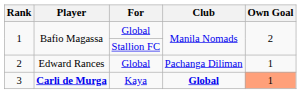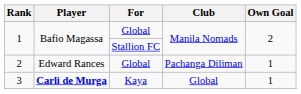 <table class="wikitable" style="text-align:center; float:left; margin-right:1em">
 <tr>
 <th>Rank</th>
 <th>Player</th>
 <th>For</th>
 <th>Club</th>
 <th>Own Goal</th>
 </tr>
 <tr>
 <td rowspan="2">1</td>
 <td rowspan="2"> Bafio Magassa</td>
 <td><a href='#'>Global</a></td>
 <td rowspan="2"><a href='#'>Manila Nomads</a></td>
 <td rowspan="2">2</td>
 </tr>
 <tr>
 <td><a href='#'>Stallion FC</a></td>
 </tr>
 <tr>
 <td>2</td>
 <td> Edward Rances</td>
 <td><a href='#'>Global</a></td>
 <td><a href='#'>Pachanga Diliman</a></td>
 <td>1</td>
 </tr>
 <tr>
 <td>3</td>
 <td><strong> <a href='#'>Carli de Murga</a></strong></td>
 <td><a href='#'>Kaya</a></td>
-<td><strong><a href='#'>Global</a></strong></td>
-<td style="background: lightsalmon;">1</td>
+<td><a href='#'>Global</a></td>
+<td>1</td>
 </tr>
 </table>
